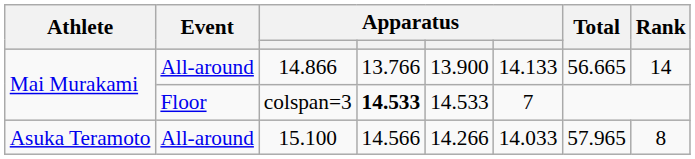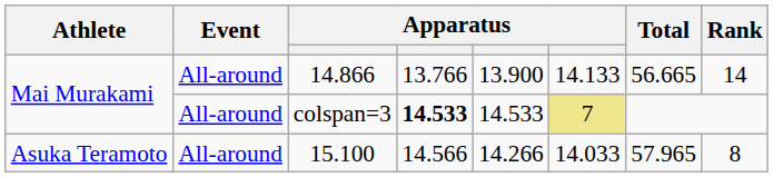 <table class="wikitable" style="font-size:90%">
 <tr>
 <th rowspan=2>Athlete</th>
 <th rowspan=2>Event</th>
 <th colspan=4>Apparatus</th>
 <th rowspan=2>Total</th>
 <th rowspan=2>Rank</th>
 </tr>
 <tr style="font-size:95%">
 <th></th>
 <th></th>
 <th></th>
 <th></th>
 </tr>
 <tr align=center>
 <td align=left rowspan=2><a href='#'>Mai Murakami</a></td>
 <td align=left><a href='#'>All-around</a></td>
 <td>14.866</td>
 <td>13.766</td>
 <td>13.900</td>
 <td>14.133</td>
 <td>56.665</td>
 <td>14</td>
 </tr>
 <tr align=center>
-<td align=left><a href='#'>Floor</a></td>
+<td align=left><a href='#'>All-around</a></td>
 <td>colspan=3 </td>
 <td><strong>14.533</strong></td>
 <td>14.533</td>
-<td>7</td>
+<td style="background: khaki;">7</td>
 </tr>
 <tr align=center>
 <td align=left><a href='#'>Asuka Teramoto</a></td>
 <td align=left><a href='#'>All-around</a></td>
 <td>15.100</td>
 <td>14.566</td>
 <td>14.266</td>
 <td>14.033</td>
 <td>57.965</td>
 <td>8</td>
 </tr>
 </table>
